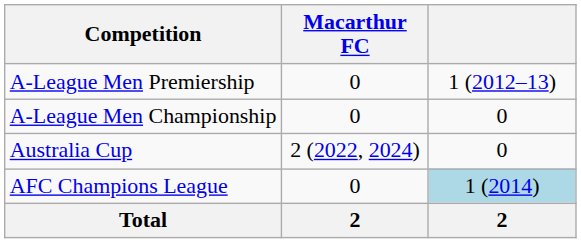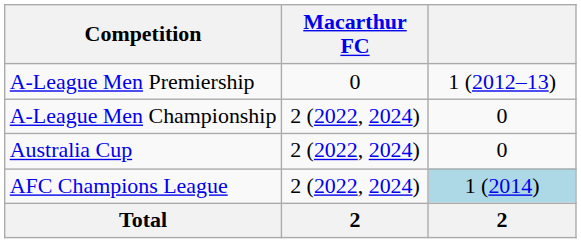 <table class="wikitable" ;font-size:95%;">
 <tr>
 <th>Competition</th>
 <th width="100"><a href='#'>Macarthur FC</a></th>
 <th width="100"></th>
 </tr>
 <tr>
 <td><a href='#'>A-League Men</a> Premiership</td>
 <td style="text-align:center">0</td>
 <td style="text-align:center">1 (<a href='#'>2012–13</a>)</td>
 </tr>
 <tr>
 <td><a href='#'>A-League Men</a> Championship</td>
-<td style="text-align:center">0</td>
+<td style="text-align:center">2 (<a href='#'>2022</a>, <a href='#'>2024</a>)</td>
 <td style="text-align:center">0</td>
 </tr>
 <tr>
 <td><a href='#'>Australia Cup</a></td>
 <td style="text-align:center">2 (<a href='#'>2022</a>, <a href='#'>2024</a>)</td>
 <td style="text-align:center">0</td>
 </tr>
 <tr>
 <td><a href='#'>AFC Champions League</a></td>
-<td style="text-align:center">0</td>
+<td style="text-align:center">2 (<a href='#'>2022</a>, <a href='#'>2024</a>)</td>
 <td style="background: lightblue; text-align:center">1 (<a href='#'>2014</a>)</td>
 </tr>
 <tr>
 <th>Total</th>
 <th style="text-align:center">2</th>
 <th style="text-align:center">2</th>
 </tr>
 </table>
